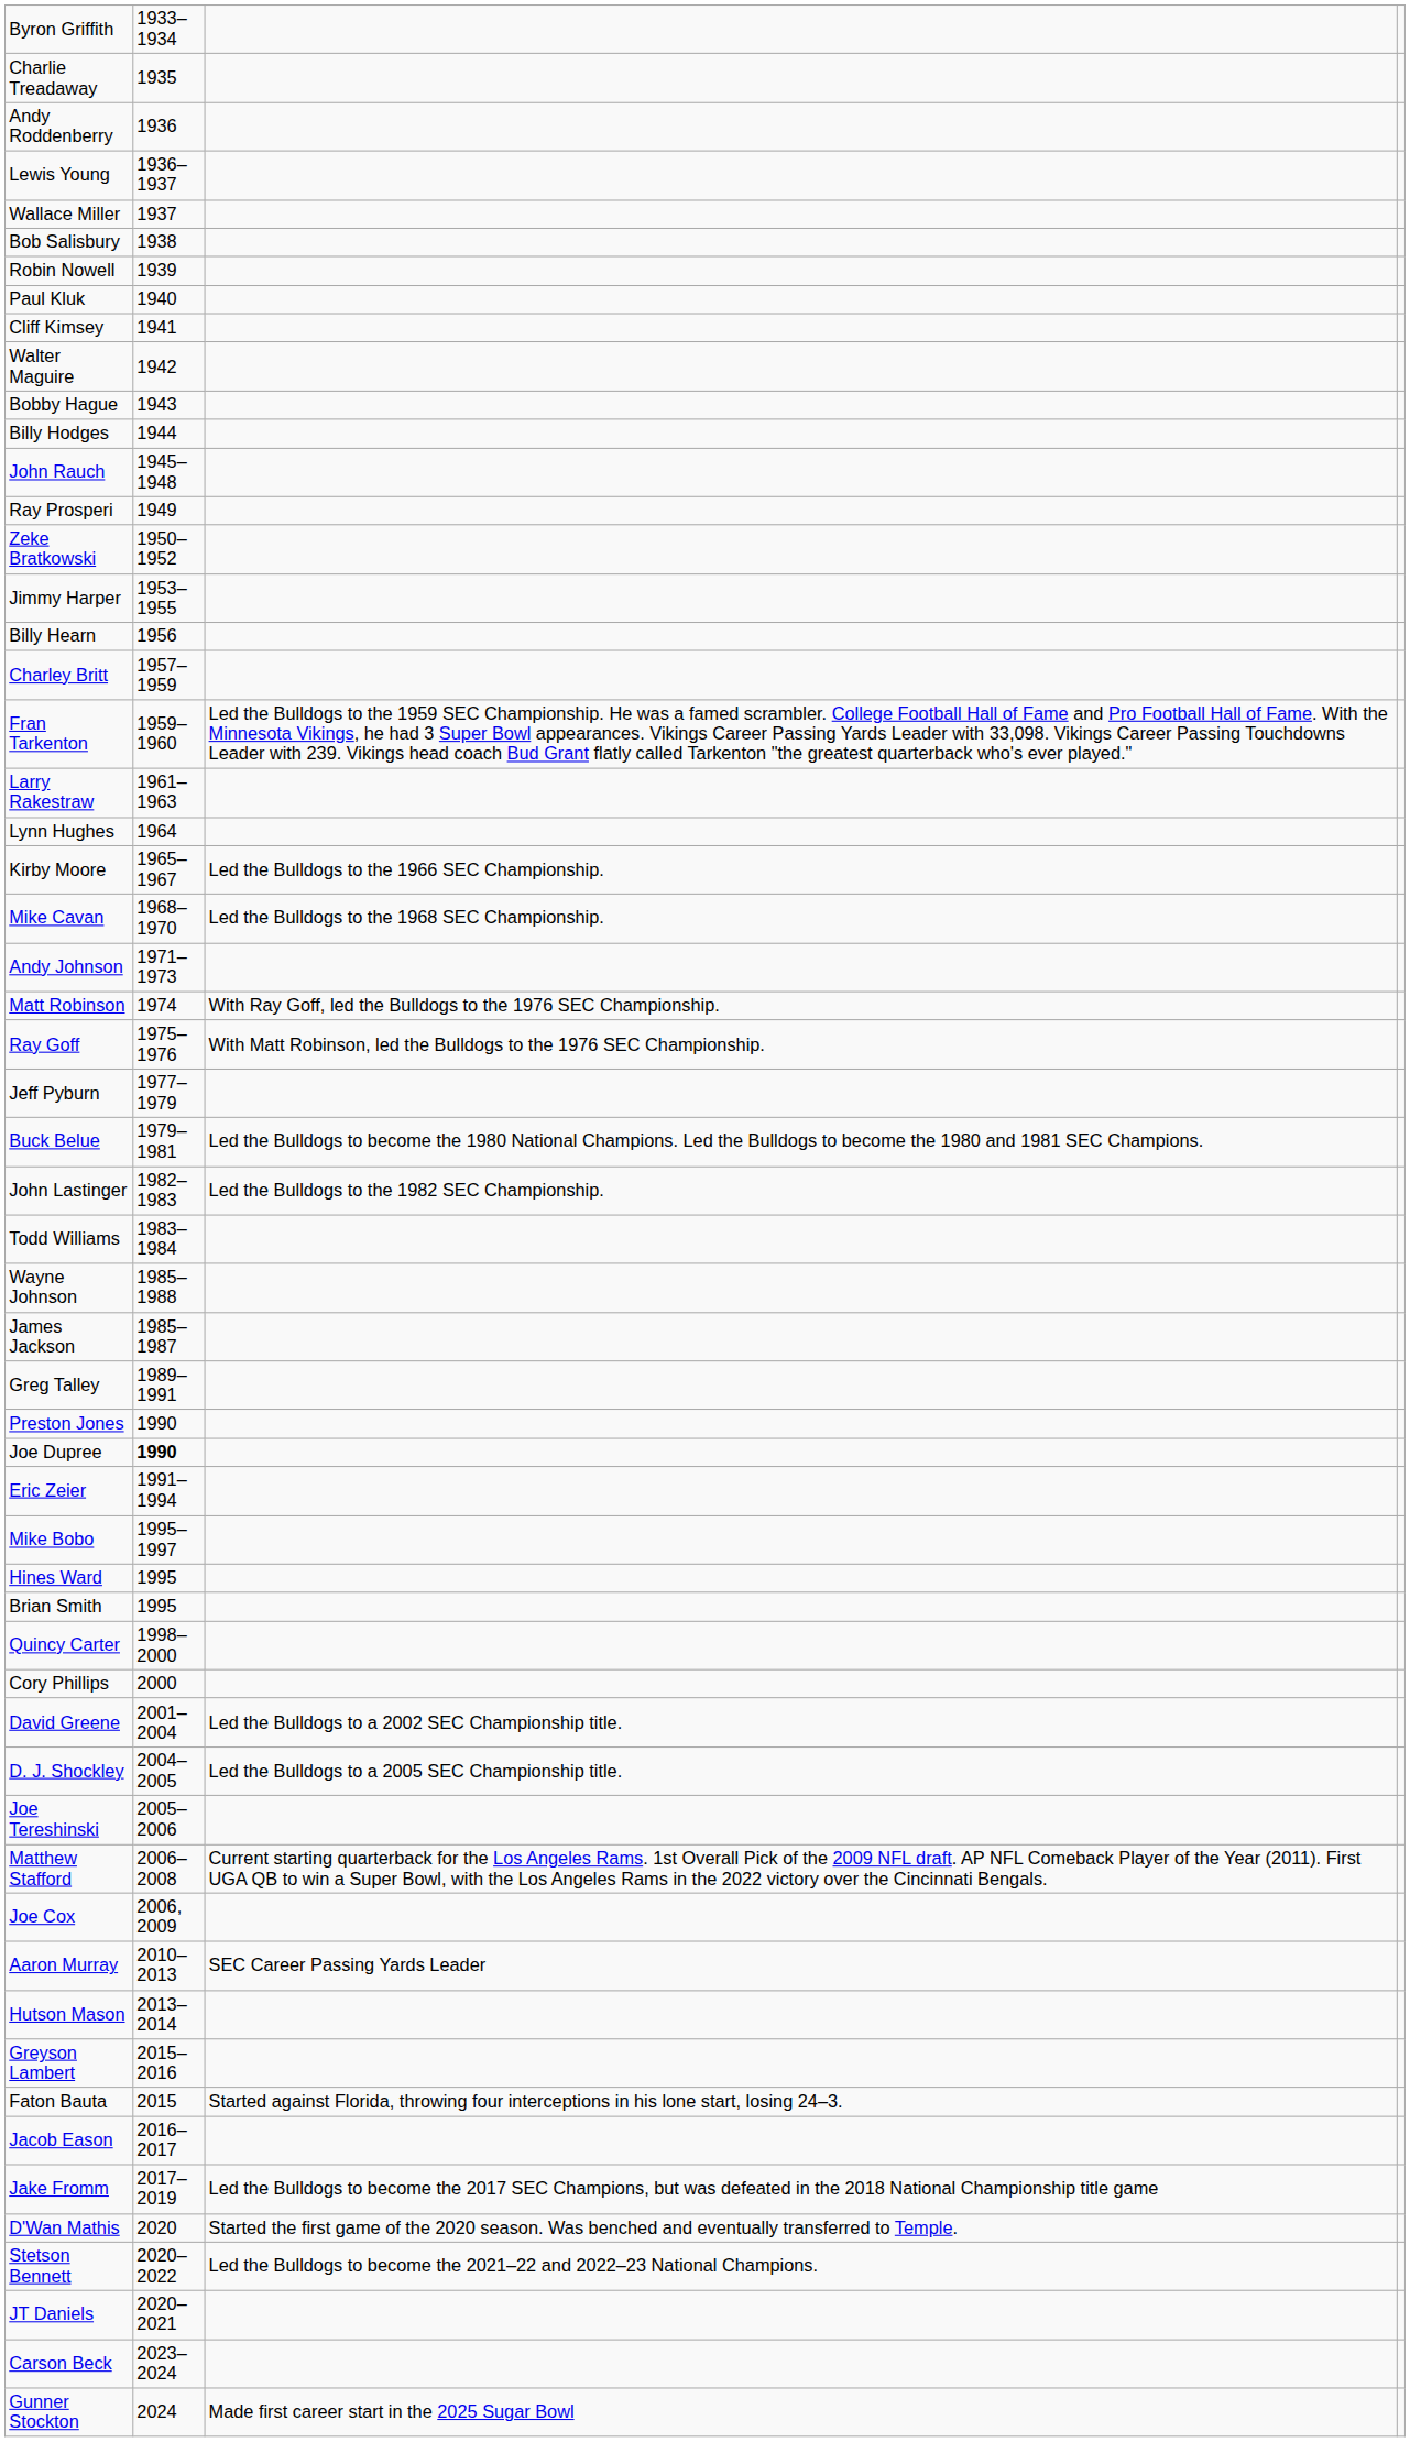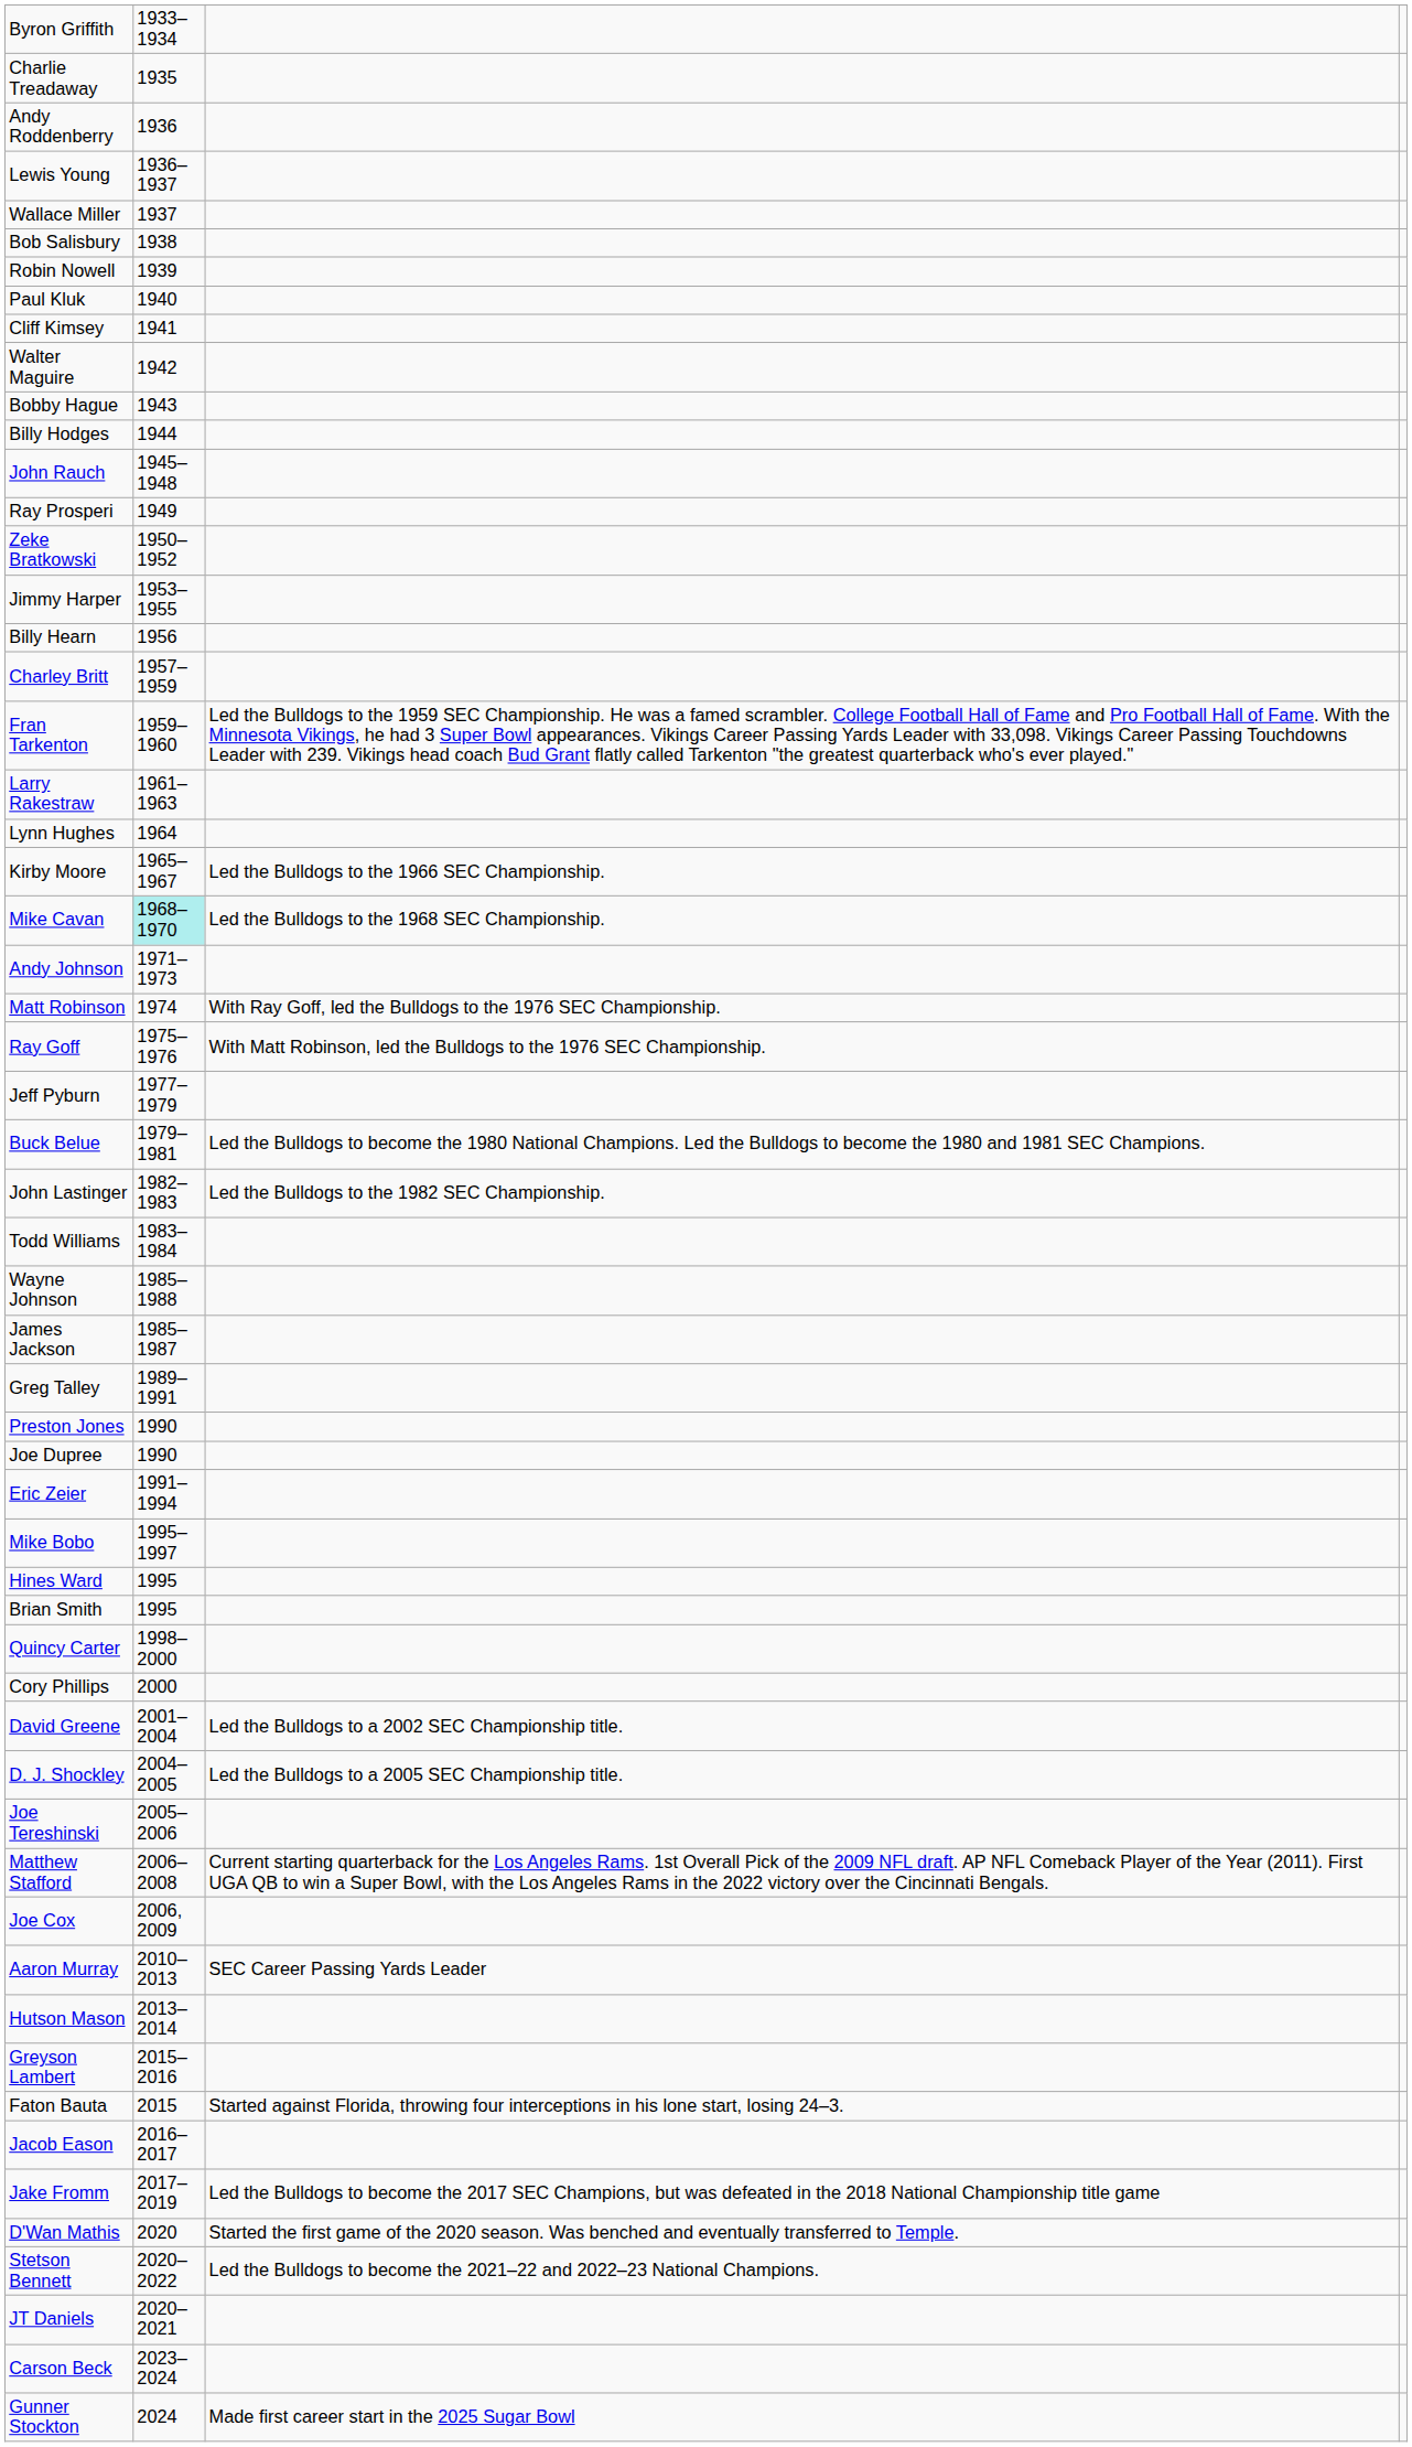 <table class="wikitable sortable" style="text-align:left;">
 <tr>
 </tr>
 <tr>
 <td>Byron Griffith</td>
 <td>1933–1934</td>
 <td></td>
 <td></td>
 </tr>
 <tr>
 <td>Charlie Treadaway</td>
 <td>1935</td>
 <td></td>
 <td></td>
 </tr>
 <tr>
 <td>Andy Roddenberry</td>
 <td>1936</td>
 <td></td>
 <td></td>
 </tr>
 <tr>
 <td>Lewis Young</td>
 <td>1936–1937</td>
 <td></td>
 <td></td>
 </tr>
 <tr>
 <td>Wallace Miller</td>
 <td>1937</td>
 <td></td>
 <td></td>
 </tr>
 <tr>
 <td>Bob Salisbury</td>
 <td>1938</td>
 <td></td>
 <td></td>
 </tr>
 <tr>
 <td>Robin Nowell</td>
 <td>1939</td>
 <td></td>
 <td></td>
 </tr>
 <tr>
 <td>Paul Kluk</td>
 <td>1940</td>
 <td></td>
 <td></td>
 </tr>
 <tr>
 <td>Cliff Kimsey</td>
 <td>1941</td>
 <td></td>
 <td></td>
 </tr>
 <tr>
 <td>Walter Maguire</td>
 <td>1942</td>
 <td></td>
 <td></td>
 </tr>
 <tr>
 <td>Bobby Hague</td>
 <td>1943</td>
 <td></td>
 <td></td>
 </tr>
 <tr>
 <td>Billy Hodges</td>
 <td>1944</td>
 <td></td>
 <td></td>
 </tr>
 <tr>
 <td><a href='#'>John Rauch</a></td>
 <td>1945–1948</td>
 <td></td>
 <td></td>
 </tr>
 <tr>
 <td>Ray Prosperi</td>
 <td>1949</td>
 <td></td>
 <td></td>
 </tr>
 <tr>
 <td><a href='#'>Zeke Bratkowski</a></td>
 <td>1950–1952</td>
 <td></td>
 <td></td>
 </tr>
 <tr>
 <td>Jimmy Harper</td>
 <td>1953–1955</td>
 <td></td>
 <td></td>
 </tr>
 <tr>
 <td>Billy Hearn</td>
 <td>1956</td>
 <td></td>
 <td></td>
 </tr>
 <tr>
 <td><a href='#'>Charley Britt</a></td>
 <td>1957–1959</td>
 <td></td>
 </tr>
 <tr>
 <td><a href='#'>Fran Tarkenton</a></td>
 <td>1959–1960</td>
 <td>Led the Bulldogs to the 1959 SEC Championship. He was a famed scrambler. <a href='#'>College Football Hall of Fame</a> and <a href='#'>Pro Football Hall of Fame</a>. With the <a href='#'>Minnesota Vikings</a>, he had 3 <a href='#'>Super Bowl</a> appearances.  Vikings Career Passing Yards Leader with 33,098. Vikings Career Passing Touchdowns Leader with 239. Vikings head coach <a href='#'>Bud Grant</a> flatly called Tarkenton "the greatest quarterback who's ever played."</td>
 <td></td>
 </tr>
 <tr>
 <td><a href='#'>Larry Rakestraw</a></td>
 <td>1961–1963</td>
 <td></td>
 <td></td>
 </tr>
 <tr>
 <td>Lynn Hughes</td>
 <td>1964</td>
 <td></td>
 <td></td>
 </tr>
 <tr>
 <td>Kirby Moore</td>
 <td>1965–1967</td>
 <td>Led the Bulldogs to the 1966 SEC Championship.</td>
 <td></td>
 </tr>
 <tr>
 <td><a href='#'>Mike Cavan</a></td>
-<td>1968–1970</td>
+<td style="background: paleturquoise;">1968–1970</td>
 <td>Led the Bulldogs to the 1968 SEC Championship.</td>
 <td></td>
 </tr>
 <tr>
 <td><a href='#'>Andy Johnson</a></td>
 <td>1971–1973</td>
 <td></td>
 <td></td>
 </tr>
 <tr>
 <td><a href='#'>Matt Robinson</a></td>
 <td>1974</td>
 <td>With Ray Goff, led the Bulldogs to the 1976 SEC Championship.</td>
 <td></td>
 </tr>
 <tr>
 <td><a href='#'>Ray Goff</a></td>
 <td>1975–1976</td>
 <td>With Matt Robinson, led the Bulldogs to the 1976 SEC Championship.</td>
 <td></td>
 </tr>
 <tr>
 <td>Jeff Pyburn</td>
 <td>1977–1979</td>
 <td></td>
 <td></td>
 </tr>
 <tr>
 <td><a href='#'>Buck Belue</a></td>
 <td>1979–1981</td>
 <td>Led the Bulldogs to become the 1980 National Champions. Led the Bulldogs to become the 1980 and 1981 SEC Champions.</td>
 <td></td>
 </tr>
 <tr>
 <td>John Lastinger</td>
 <td>1982–1983</td>
 <td>Led the Bulldogs to the 1982 SEC Championship.</td>
 <td></td>
 </tr>
 <tr>
 <td>Todd Williams</td>
 <td>1983–1984</td>
 <td></td>
 <td></td>
 </tr>
 <tr>
 <td>Wayne Johnson</td>
 <td>1985–1988</td>
 <td></td>
 <td></td>
 </tr>
 <tr>
 <td>James Jackson</td>
 <td>1985–1987</td>
 <td></td>
 <td></td>
 </tr>
 <tr>
 <td>Greg Talley</td>
 <td>1989–1991</td>
 <td></td>
 <td></td>
 </tr>
 <tr>
 <td><a href='#'>Preston Jones</a></td>
 <td>1990</td>
 <td></td>
 <td></td>
 </tr>
 <tr>
 <td>Joe Dupree</td>
-<td><strong>1990</strong></td>
+<td>1990</td>
 <td></td>
 <td></td>
 </tr>
 <tr>
 <td><a href='#'>Eric Zeier</a></td>
 <td>1991–1994</td>
 <td></td>
 <td></td>
 </tr>
 <tr>
 <td><a href='#'>Mike Bobo</a></td>
 <td>1995–1997</td>
 <td></td>
 <td></td>
 </tr>
 <tr>
 <td><a href='#'>Hines Ward</a></td>
 <td>1995</td>
 <td></td>
 <td></td>
 </tr>
 <tr>
 <td>Brian Smith</td>
 <td>1995</td>
 <td></td>
 <td></td>
 </tr>
 <tr>
 <td><a href='#'>Quincy Carter</a></td>
 <td>1998–2000</td>
 <td></td>
 <td></td>
 </tr>
 <tr>
 <td>Cory Phillips</td>
 <td>2000</td>
 <td></td>
 <td></td>
 </tr>
 <tr>
 <td><a href='#'>David Greene</a></td>
 <td>2001–2004</td>
 <td>Led the Bulldogs to a 2002 SEC Championship title.</td>
 <td></td>
 </tr>
 <tr>
 <td><a href='#'>D. J. Shockley</a></td>
 <td>2004–2005</td>
 <td>Led the Bulldogs to a 2005 SEC Championship title.</td>
 <td></td>
 </tr>
 <tr>
 <td><a href='#'>Joe Tereshinski</a></td>
 <td>2005–2006</td>
 <td></td>
 <td></td>
 </tr>
 <tr>
 <td><a href='#'>Matthew Stafford</a></td>
 <td>2006–2008</td>
 <td>Current starting quarterback for the <a href='#'>Los Angeles Rams</a>. 1st Overall Pick of the <a href='#'>2009 NFL draft</a>. AP NFL Comeback Player of the Year (2011). First UGA QB to win a Super Bowl, with the Los Angeles Rams in the 2022 victory over the Cincinnati Bengals.</td>
 <td></td>
 </tr>
 <tr>
 <td><a href='#'>Joe Cox</a></td>
 <td>2006, 2009</td>
 <td></td>
 <td></td>
 </tr>
 <tr>
 <td><a href='#'>Aaron Murray</a></td>
 <td>2010–2013</td>
 <td>SEC Career Passing Yards Leader</td>
 <td></td>
 </tr>
 <tr>
 <td><a href='#'>Hutson Mason</a></td>
 <td>2013–2014</td>
 <td></td>
 <td></td>
 </tr>
 <tr>
 <td><a href='#'>Greyson Lambert</a></td>
 <td>2015–2016</td>
 <td></td>
 <td></td>
 </tr>
 <tr>
 <td>Faton Bauta</td>
 <td>2015</td>
 <td>Started against Florida, throwing four interceptions in his lone start, losing 24–3.</td>
 <td></td>
 </tr>
 <tr>
 <td><a href='#'>Jacob Eason</a></td>
 <td>2016–2017</td>
 <td></td>
 <td></td>
 </tr>
 <tr>
 <td><a href='#'>Jake Fromm</a></td>
 <td>2017–2019</td>
 <td>Led the Bulldogs to become the 2017 SEC Champions, but was defeated in the 2018 National Championship title game</td>
 <td></td>
 </tr>
 <tr>
 <td><a href='#'>D'Wan Mathis</a></td>
 <td>2020</td>
 <td>Started the first game of the 2020 season. Was benched and eventually transferred to <a href='#'>Temple</a>.</td>
 <td></td>
 </tr>
 <tr>
 <td><a href='#'>Stetson Bennett</a></td>
 <td>2020–2022</td>
 <td>Led the Bulldogs to become the 2021–22 and 2022–23 National Champions.</td>
 <td></td>
 </tr>
 <tr>
 <td><a href='#'>JT Daniels</a></td>
 <td>2020–2021</td>
 <td></td>
 <td></td>
 </tr>
 <tr>
 <td><a href='#'>Carson Beck</a></td>
 <td>2023–2024</td>
 <td></td>
 <td></td>
 </tr>
 <tr>
 <td><a href='#'>Gunner Stockton</a></td>
 <td>2024</td>
 <td>Made first career start in the <a href='#'>2025 Sugar Bowl</a></td>
 <td></td>
 </tr>
 </table>
